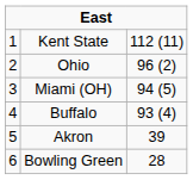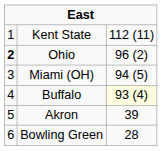 <table class="wikitable" style="display: inline-table;">
 <tr align="center">
 <td align="center" Colspan="3"><strong>East</strong><br></td>
 </tr>
 <tr align="center">
 <td>1</td>
 <td>Kent State</td>
 <td>112 (11)</td>
 </tr>
 <tr align="center">
-<td>2</td>
+<td><strong>2</strong></td>
 <td>Ohio</td>
 <td>96 (2)</td>
 </tr>
 <tr align="center">
 <td>3</td>
 <td>Miami (OH)</td>
 <td>94 (5)</td>
 </tr>
 <tr align="center">
 <td>4</td>
 <td>Buffalo</td>
-<td>93 (4)</td>
+<td style="background: lightyellow;">93 (4)</td>
 </tr>
 <tr align="center">
 <td>5</td>
 <td>Akron</td>
 <td>39</td>
 </tr>
 <tr align="center">
 <td>6</td>
 <td>Bowling Green</td>
 <td>28</td>
 </tr>
 </table>
